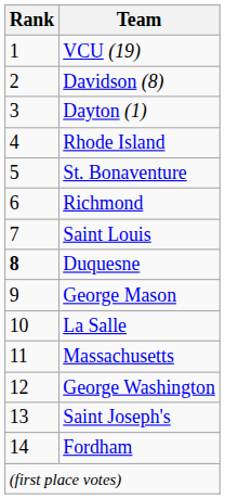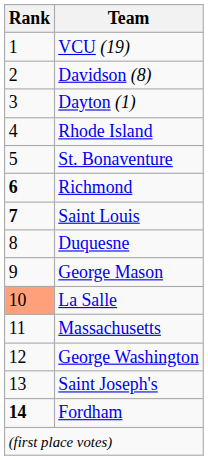 <table class=wikitable>
 <tr>
 <th>Rank</th>
 <th>Team</th>
 </tr>
 <tr>
 <td>1</td>
 <td><a href='#'>VCU</a> <em>(19)</em></td>
 </tr>
 <tr>
 <td>2</td>
 <td><a href='#'>Davidson</a> <em>(8)</em></td>
 </tr>
 <tr>
 <td>3</td>
 <td><a href='#'>Dayton</a> <em>(1)</em></td>
 </tr>
 <tr>
 <td>4</td>
 <td><a href='#'>Rhode Island</a></td>
 </tr>
 <tr>
 <td>5</td>
 <td><a href='#'>St. Bonaventure</a></td>
 </tr>
 <tr>
-<td>6</td>
+<td><strong>6</strong></td>
 <td><a href='#'>Richmond</a></td>
 </tr>
 <tr>
-<td>7</td>
+<td><strong>7</strong></td>
 <td><a href='#'>Saint Louis</a></td>
 </tr>
 <tr>
-<td><strong>8</strong></td>
+<td>8</td>
 <td><a href='#'>Duquesne</a></td>
 </tr>
 <tr>
 <td>9</td>
 <td><a href='#'>George Mason</a></td>
 </tr>
 <tr>
-<td>10</td>
+<td style="background: lightsalmon;">10</td>
 <td><a href='#'>La Salle</a></td>
 </tr>
 <tr>
 <td>11</td>
 <td><a href='#'>Massachusetts</a></td>
 </tr>
 <tr>
 <td>12</td>
 <td><a href='#'>George Washington</a></td>
 </tr>
 <tr>
 <td>13</td>
 <td><a href='#'>Saint Joseph's</a></td>
 </tr>
 <tr>
-<td>14</td>
+<td><strong>14</strong></td>
 <td><a href='#'>Fordham</a></td>
 </tr>
 <tr>
 <td colspan=3 valign=middle><small><em>(first place votes)</em></small></td>
 </tr>
 </table>
